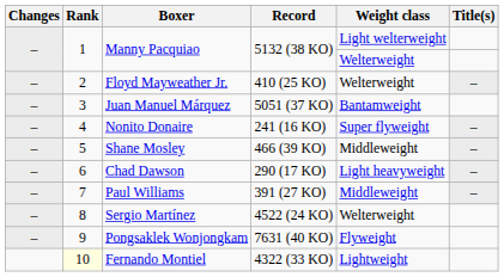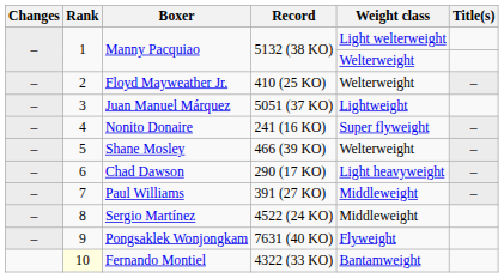 <table class="wikitable ">
 <tr>
 <th>Changes</th>
 <th>Rank</th>
 <th>Boxer</th>
 <th>Record</th>
 <th>Weight class</th>
 <th>Title(s)</th>
 </tr>
 <tr>
 <td rowspan=2 align=center bgcolor=#ECECEC>–</td>
 <td rowspan=2 align=center>1</td>
 <td rowspan=2><a href='#'>Manny Pacquiao</a></td>
 <td rowspan=2>5132 (38 KO)</td>
 <td><a href='#'>Light welterweight</a></td>
 <td></td>
 </tr>
 <tr>
 <td><a href='#'>Welterweight</a></td>
 <td></td>
 </tr>
 <tr>
 <td align=center bgcolor=#ECECEC>–</td>
 <td align=center>2</td>
 <td><a href='#'>Floyd Mayweather Jr.</a></td>
 <td>410 (25 KO)</td>
 <td>Welterweight</td>
 <td align=center bgcolor=#ECECEC data-sort-value="Z">–</td>
 </tr>
 <tr>
 <td align=center bgcolor=#ECECEC>–</td>
 <td align=center>3</td>
 <td><a href='#'>Juan Manuel Márquez</a></td>
 <td>5051 (37 KO)</td>
-<td><a href='#'>Bantamweight</a></td>
+<td><a href='#'>Lightweight</a></td>
 <td></td>
 </tr>
 <tr>
 <td align=center bgcolor=#ECECEC>–</td>
 <td align=center>4</td>
 <td><a href='#'>Nonito Donaire</a></td>
 <td>241 (16 KO)</td>
 <td><a href='#'>Super flyweight</a></td>
 <td align=center bgcolor=#ECECEC data-sort-value="Z">–</td>
 </tr>
 <tr>
 <td align=center bgcolor=#ECECEC>–</td>
 <td align=center>5</td>
 <td><a href='#'>Shane Mosley</a></td>
 <td>466 (39 KO)</td>
-<td>Middleweight</td>
+<td>Welterweight</td>
 <td align=center bgcolor=#ECECEC data-sort-value="Z">–</td>
 </tr>
 <tr>
 <td align=center bgcolor=#ECECEC>–</td>
 <td align=center>6</td>
 <td><a href='#'>Chad Dawson</a></td>
 <td>290 (17 KO)</td>
 <td><a href='#'>Light heavyweight</a></td>
 <td align=center bgcolor=#ECECEC data-sort-value="Z">–</td>
 </tr>
 <tr>
 <td align=center bgcolor=#ECECEC>–</td>
 <td align=center>7</td>
 <td><a href='#'>Paul Williams</a></td>
 <td>391 (27 KO)</td>
 <td><a href='#'>Middleweight</a></td>
 <td align=center bgcolor=#ECECEC data-sort-value="Z">–</td>
 </tr>
 <tr>
 <td align=center bgcolor=#ECECEC>–</td>
 <td align=center>8</td>
 <td><a href='#'>Sergio Martínez</a></td>
 <td>4522 (24 KO)</td>
-<td>Welterweight</td>
+<td>Middleweight</td>
 <td></td>
 </tr>
 <tr>
 <td align=center bgcolor=#ECECEC>–</td>
 <td align=center>9</td>
 <td><a href='#'>Pongsaklek Wonjongkam</a></td>
 <td>7631 (40 KO)</td>
 <td><a href='#'>Flyweight</a></td>
 <td></td>
 </tr>
 <tr>
 <td align=center></td>
 <td align=center style="background: lightyellow;">10</td>
 <td><a href='#'>Fernando Montiel</a></td>
 <td>4322 (33 KO)</td>
-<td><a href='#'>Lightweight</a></td>
+<td><a href='#'>Bantamweight</a></td>
 <td></td>
 </tr>
 </table>
